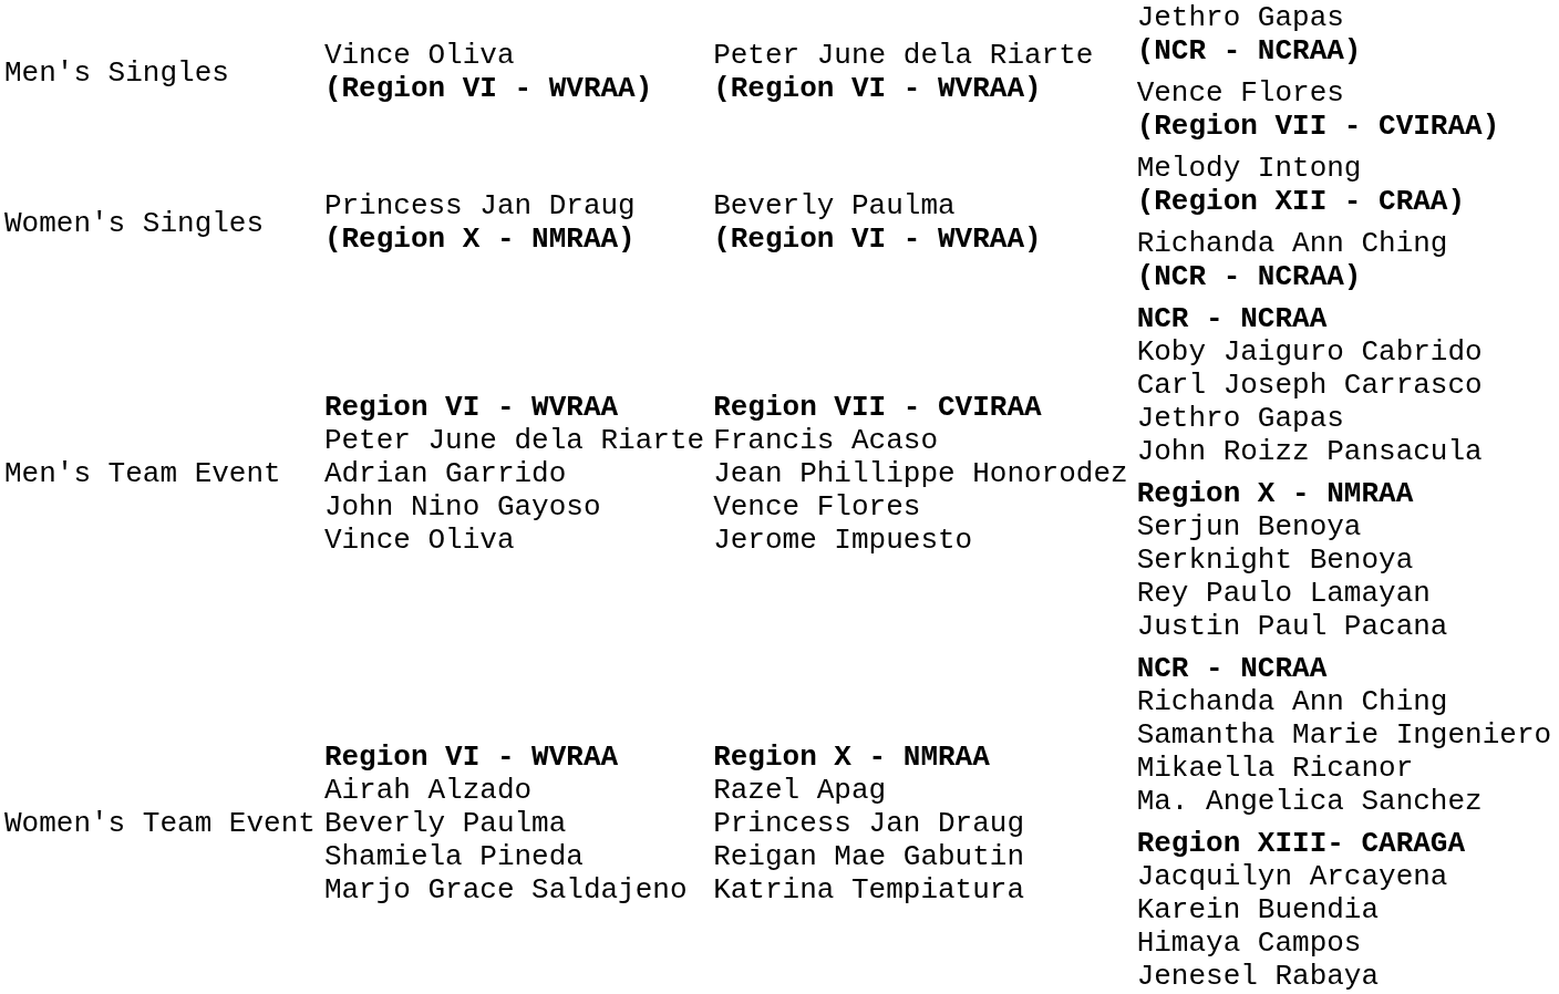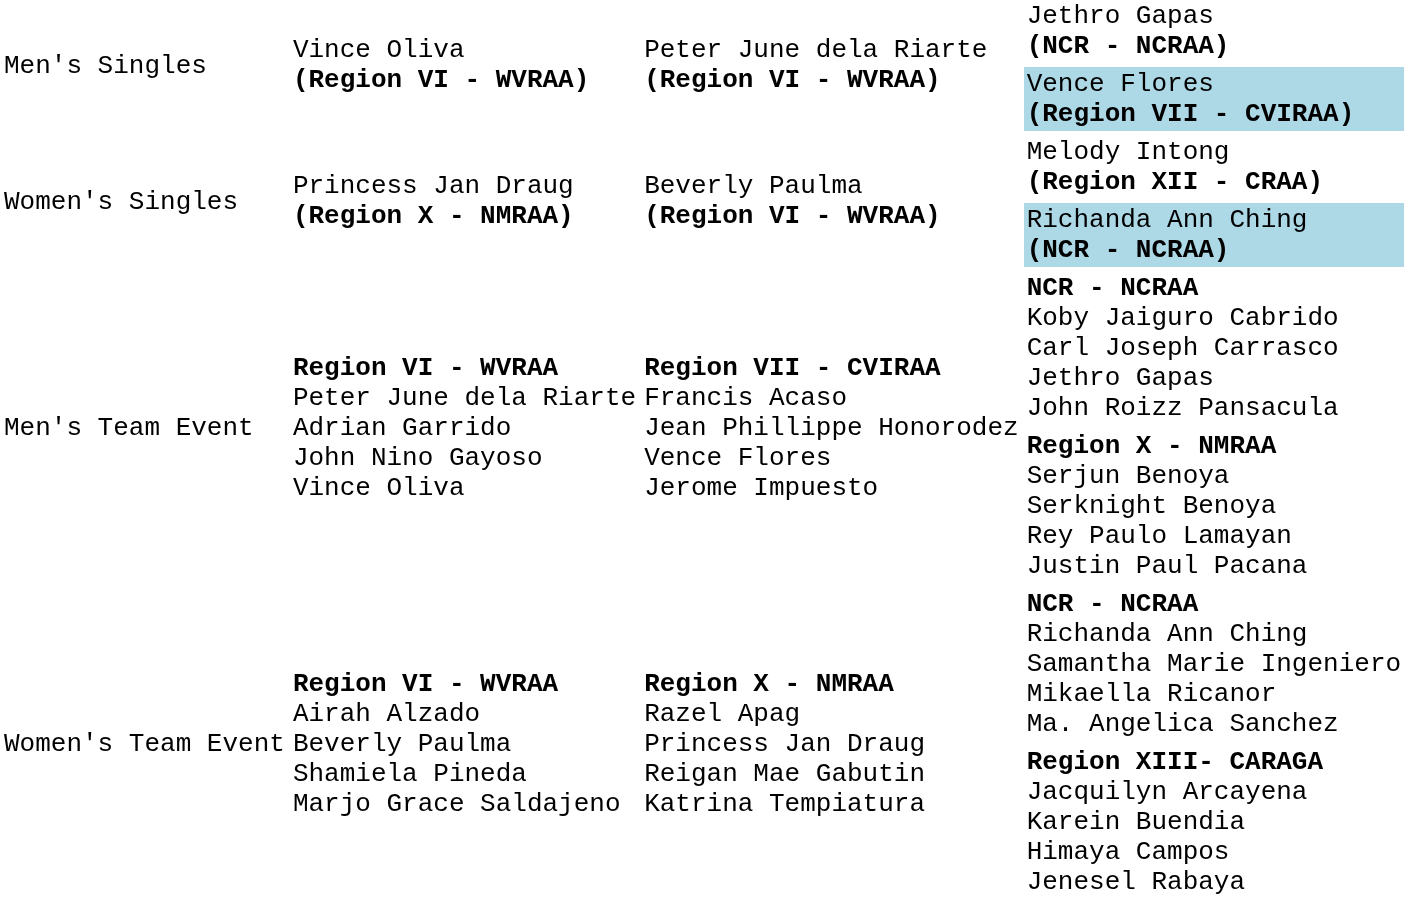 <table>
 <tr>
 <td rowspan=2>Men's Singles</td>
 <td rowspan=2>Vince Oliva<br><strong>(Region VI - WVRAA)</strong></td>
 <td rowspan=2>Peter June dela Riarte<br><strong>(Region VI - WVRAA)</strong></td>
 <td>Jethro Gapas<br><strong>(NCR - NCRAA)</strong></td>
 </tr>
 <tr>
-<td>Vence Flores<br><strong>(Region VII - CVIRAA)</strong></td>
+<td style="background: lightblue;">Vence Flores<br><strong>(Region VII - CVIRAA)</strong></td>
 </tr>
 <tr>
 <td rowspan=2>Women's Singles</td>
 <td rowspan=2>Princess Jan Draug<br><strong>(Region X - NMRAA)</strong></td>
 <td rowspan=2>Beverly Paulma<br><strong>(Region VI - WVRAA)</strong></td>
 <td>Melody Intong<br><strong>(Region XII - CRAA)</strong></td>
 </tr>
 <tr>
-<td>Richanda Ann Ching<br><strong>(NCR - NCRAA)</strong></td>
+<td style="background: lightblue;">Richanda Ann Ching<br><strong>(NCR - NCRAA)</strong></td>
 </tr>
 <tr>
 <td rowspan=2>Men's Team Event</td>
 <td rowspan=2><strong>Region VI - WVRAA</strong><br>Peter June dela Riarte<br>Adrian Garrido<br>John Nino Gayoso<br>Vince Oliva</td>
 <td rowspan=2><strong>Region VII - CVIRAA</strong><br>Francis Acaso<br>Jean Phillippe Honorodez<br>Vence Flores<br>Jerome Impuesto</td>
 <td><strong>NCR - NCRAA</strong><br>Koby Jaiguro Cabrido<br>Carl Joseph Carrasco<br>Jethro Gapas<br>John Roizz Pansacula</td>
 </tr>
 <tr>
 <td><strong>Region X - NMRAA</strong><br>Serjun Benoya<br>Serknight Benoya<br>Rey Paulo Lamayan<br>Justin Paul Pacana</td>
 </tr>
 <tr>
 <td rowspan=2>Women's Team Event</td>
 <td rowspan=2><strong>Region VI - WVRAA</strong><br>Airah Alzado<br>Beverly Paulma<br>Shamiela Pineda<br>Marjo Grace Saldajeno</td>
 <td rowspan=2><strong>Region X - NMRAA</strong><br>Razel Apag<br>Princess Jan Draug<br>Reigan Mae Gabutin<br>Katrina Tempiatura</td>
 <td><strong>NCR - NCRAA</strong><br>Richanda Ann Ching<br>Samantha Marie Ingeniero<br>Mikaella Ricanor<br>Ma. Angelica Sanchez</td>
 </tr>
 <tr>
 <td><strong>Region XIII- CARAGA</strong><br>Jacquilyn Arcayena<br>Karein Buendia<br>Himaya Campos<br>Jenesel Rabaya</td>
 </tr>
 </table>
